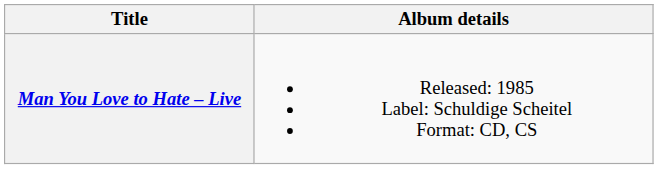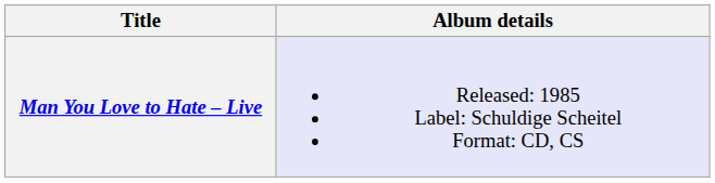 <table class="wikitable plainrowheaders" style="text-align:center">
 <tr>
 <th scope="col" style="width:13em">Title</th>
 <th scope="col" style="width:21em">Album details</th>
 </tr>
 <tr>
 <th scope="row"><em><a href='#'>Man You Love to Hate – Live</a></em></th>
-<td><br><ul><li>Released: 1985 </li><li>Label: Schuldige Scheitel </li><li>Format: CD, CS</li></ul></td>
+<td style="background: lavender;"><br><ul><li>Released: 1985 </li><li>Label: Schuldige Scheitel </li><li>Format: CD, CS</li></ul></td>
 </tr>
 </table>
